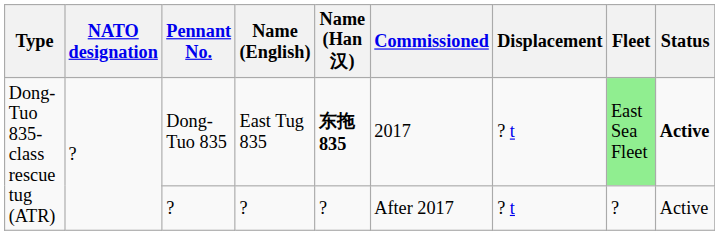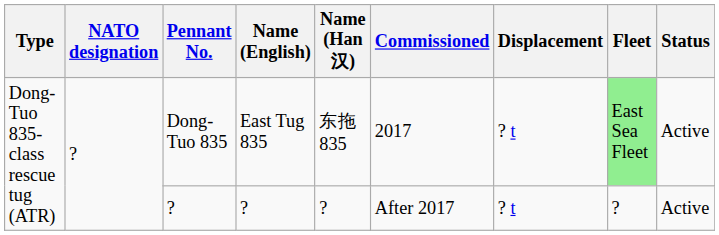 <table class="wikitable sortable"  style="margin:auto; width:100%;">
 <tr>
 <th style="text-align:center; width:16%;">Type</th>
 <th style="text-align:center; width:12%;"><a href='#'>NATO designation</a></th>
 <th style="text-align:center; width:10%;"><a href='#'>Pennant No.</a></th>
 <th style="text-align:center; width:10%;">Name<br>(English)</th>
 <th style="text-align:center; width:10%;">Name<br>(Han 汉)</th>
 <th style="text-align:center; width:10%;"><a href='#'>Commissioned</a></th>
 <th style="text-align:center; width:10%;">Displacement</th>
 <th style="text-align:center; width:10%;">Fleet</th>
 <th style="text-align:center; width:10%;">Status</th>
 </tr>
 <tr>
 <td rowspan="2">Dong-Tuo 835-class rescue tug (ATR)</td>
 <td rowspan="2">?</td>
 <td>Dong-Tuo 835</td>
 <td>East Tug 835</td>
-<td><strong>东拖 835</strong></td>
+<td>东拖 835</td>
 <td>2017</td>
 <td>? <a href='#'>t</a></td>
 <td style="background: lightgreen;">East Sea Fleet</td>
-<td><strong><span>Active</span></strong></td>
+<td><span>Active</span></td>
 </tr>
 <tr>
 <td>?</td>
 <td>?</td>
 <td>?</td>
 <td>After 2017</td>
 <td>? <a href='#'>t</a></td>
 <td>?</td>
 <td><span>Active</span></td>
 </tr>
 </table>
